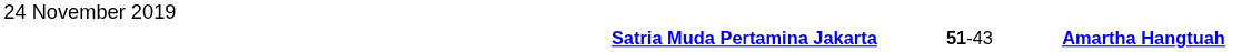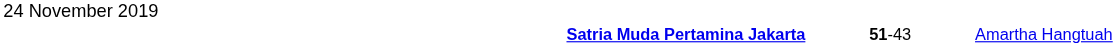 <table cellspacing="1" style="width:100%;">
 <tr>
 <td>24 November 2019</td>
 <td></td>
 </tr>
 <tr style="font-size:90%">
 <td align="right"><strong><a href='#'>Satria Muda Pertamina Jakarta</a></strong></td>
 <td></td>
 <td align="center"><strong>51</strong>-43</td>
 <td></td>
-<td><strong><a href='#'>Amartha Hangtuah</a></strong></td>
+<td><a href='#'>Amartha Hangtuah</a></td>
 </tr>
 </table>
